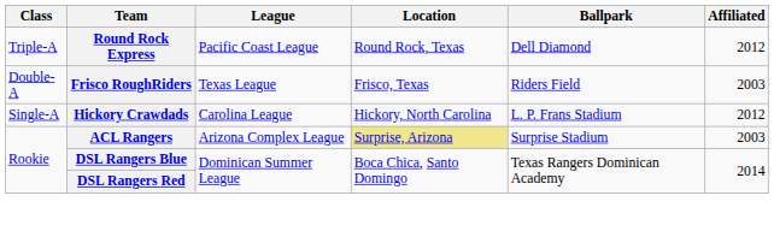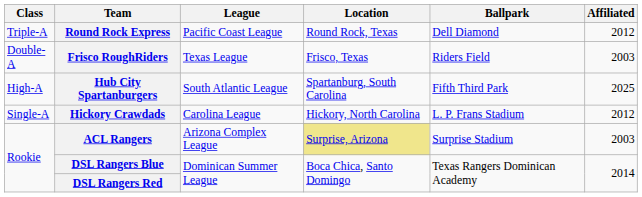 <table class="wikitable plainrowheaders sortable">
 <tr>
 <th scope="col">Class</th>
 <th scope="col">Team</th>
 <th scope="col">League</th>
 <th scope="col">Location</th>
 <th scope="col">Ballpark</th>
 <th scope="col">Affiliated</th>
 </tr>
 <tr>
 <td><a href='#'>Triple-A</a></td>
 <th scope="row"><a href='#'>Round Rock Express</a></th>
 <td><a href='#'>Pacific Coast League</a></td>
 <td><a href='#'>Round Rock, Texas</a></td>
 <td><a href='#'>Dell Diamond</a></td>
 <td align="right">2012</td>
 </tr>
 <tr>
 <td><a href='#'>Double-A</a></td>
 <th scope="row"><a href='#'>Frisco RoughRiders</a></th>
 <td><a href='#'>Texas League</a></td>
 <td><a href='#'>Frisco, Texas</a></td>
 <td><a href='#'>Riders Field</a></td>
 <td align="right">2003</td>
+</tr>
+<tr>
+<td><a href='#'>High-A</a></td>
+<th scope="row"><a href='#'>Hub City Spartanburgers</a></th>
+<td><a href='#'>South Atlantic League</a></td>
+<td><a href='#'>Spartanburg, South Carolina</a></td>
+<td><a href='#'>Fifth Third Park</a></td>
+<td align="right">2025</td>
 </tr>
 <tr>
 <td><a href='#'>Single-A</a></td>
 <th scope="row"><a href='#'>Hickory Crawdads</a></th>
 <td><a href='#'>Carolina League</a></td>
 <td><a href='#'>Hickory, North Carolina</a></td>
 <td><a href='#'>L. P. Frans Stadium</a></td>
 <td align="right">2012</td>
 </tr>
 <tr>
 <td rowspan=3><a href='#'>Rookie</a></td>
 <th scope="row"><a href='#'>ACL Rangers</a></th>
 <td><a href='#'>Arizona Complex League</a></td>
 <td style="background: khaki;"><a href='#'>Surprise, Arizona</a></td>
 <td><a href='#'>Surprise Stadium</a></td>
 <td align="right">2003</td>
 </tr>
 <tr>
 <th scope="row"><a href='#'>DSL Rangers Blue</a></th>
 <td rowspan=2><a href='#'>Dominican Summer League</a></td>
 <td rowspan=2><a href='#'>Boca Chica</a>, <a href='#'>Santo Domingo</a></td>
 <td rowspan=2>Texas Rangers Dominican Academy</td>
 <td rowspan=2 align="right">2014</td>
 </tr>
 <tr>
 <th scope="row"><a href='#'>DSL Rangers Red</a></th>
 </tr>
 </table>
